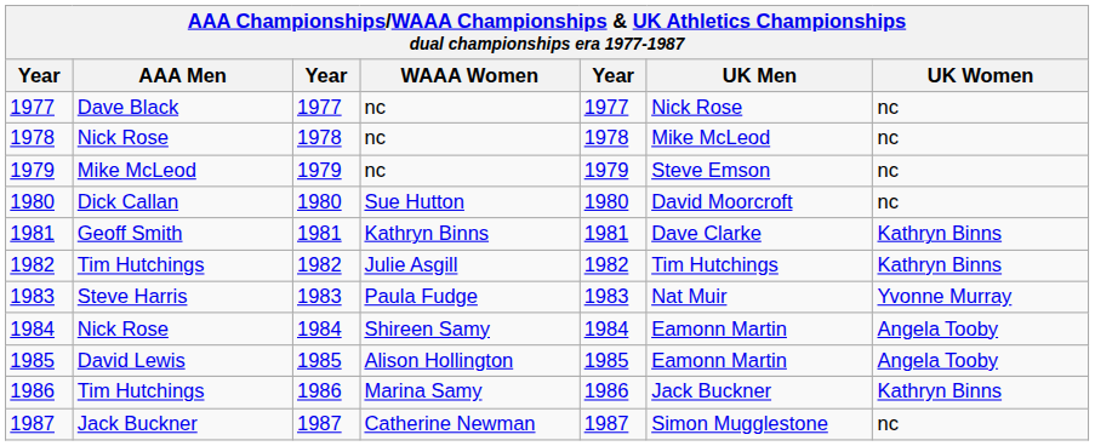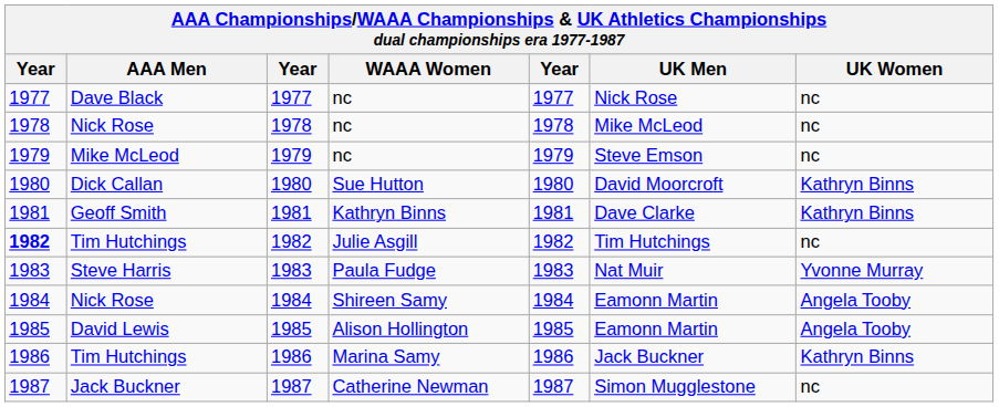 <table class="wikitable">
 <tr>
 <th colspan="7"><a href='#'>AAA Championships</a>/<a href='#'>WAAA Championships</a> & <a href='#'>UK Athletics Championships</a><br><em><small>dual championships era 1977-1987</small></em></th>
 </tr>
 <tr>
 <th width=50>Year</th>
 <th width=200>AAA Men</th>
 <th width=50>Year</th>
 <th width=200>WAAA Women</th>
 <th width=50>Year</th>
 <th width=200>UK Men</th>
 <th width=200>UK Women</th>
 </tr>
 <tr>
 <td><a href='#'>1977</a></td>
 <td><a href='#'>Dave Black</a></td>
 <td><a href='#'>1977</a></td>
 <td>nc</td>
 <td><a href='#'>1977</a></td>
 <td><a href='#'>Nick Rose</a></td>
 <td>nc</td>
 </tr>
 <tr>
 <td><a href='#'>1978</a></td>
 <td><a href='#'>Nick Rose</a></td>
 <td><a href='#'>1978</a></td>
 <td>nc</td>
 <td><a href='#'>1978</a></td>
 <td><a href='#'>Mike McLeod</a></td>
 <td>nc</td>
 </tr>
 <tr>
 <td><a href='#'>1979</a></td>
 <td><a href='#'>Mike McLeod</a></td>
 <td><a href='#'>1979</a></td>
 <td>nc</td>
 <td><a href='#'>1979</a></td>
 <td><a href='#'>Steve Emson</a></td>
 <td>nc</td>
 </tr>
 <tr>
 <td><a href='#'>1980</a></td>
 <td><a href='#'>Dick Callan</a></td>
 <td><a href='#'>1980</a></td>
 <td><a href='#'>Sue Hutton</a></td>
 <td><a href='#'>1980</a></td>
 <td><a href='#'>David Moorcroft</a></td>
-<td>nc</td>
+<td><a href='#'>Kathryn Binns</a></td>
 </tr>
 <tr>
 <td><a href='#'>1981</a></td>
 <td><a href='#'>Geoff Smith</a></td>
 <td><a href='#'>1981</a></td>
 <td><a href='#'>Kathryn Binns</a></td>
 <td><a href='#'>1981</a></td>
 <td><a href='#'>Dave Clarke</a></td>
 <td><a href='#'>Kathryn Binns</a></td>
 </tr>
 <tr>
-<td><a href='#'>1982</a></td>
+<td><strong><a href='#'>1982</a></strong></td>
 <td><a href='#'>Tim Hutchings</a></td>
 <td><a href='#'>1982</a></td>
 <td><a href='#'>Julie Asgill</a></td>
 <td><a href='#'>1982</a></td>
 <td><a href='#'>Tim Hutchings</a></td>
-<td><a href='#'>Kathryn Binns</a></td>
+<td>nc</td>
 </tr>
 <tr>
 <td><a href='#'>1983</a></td>
 <td><a href='#'>Steve Harris</a></td>
 <td><a href='#'>1983</a></td>
 <td><a href='#'>Paula Fudge</a></td>
 <td><a href='#'>1983</a></td>
 <td><a href='#'>Nat Muir</a></td>
 <td><a href='#'>Yvonne Murray</a></td>
 </tr>
 <tr>
 <td><a href='#'>1984</a></td>
 <td><a href='#'>Nick Rose</a></td>
 <td><a href='#'>1984</a></td>
 <td><a href='#'>Shireen Samy</a></td>
 <td><a href='#'>1984</a></td>
 <td><a href='#'>Eamonn Martin</a></td>
 <td><a href='#'>Angela Tooby</a></td>
 </tr>
 <tr>
 <td><a href='#'>1985</a></td>
 <td><a href='#'>David Lewis</a></td>
 <td><a href='#'>1985</a></td>
 <td><a href='#'>Alison Hollington</a></td>
 <td><a href='#'>1985</a></td>
 <td><a href='#'>Eamonn Martin</a></td>
 <td><a href='#'>Angela Tooby</a></td>
 </tr>
 <tr>
 <td><a href='#'>1986</a></td>
 <td><a href='#'>Tim Hutchings</a></td>
 <td><a href='#'>1986</a></td>
 <td><a href='#'>Marina Samy</a></td>
 <td><a href='#'>1986</a></td>
 <td><a href='#'>Jack Buckner</a></td>
 <td><a href='#'>Kathryn Binns</a></td>
 </tr>
 <tr>
 <td><a href='#'>1987</a></td>
 <td><a href='#'>Jack Buckner</a></td>
 <td><a href='#'>1987</a></td>
 <td><a href='#'>Catherine Newman</a></td>
 <td><a href='#'>1987</a></td>
 <td><a href='#'>Simon Mugglestone</a></td>
 <td>nc</td>
 </tr>
 </table>
